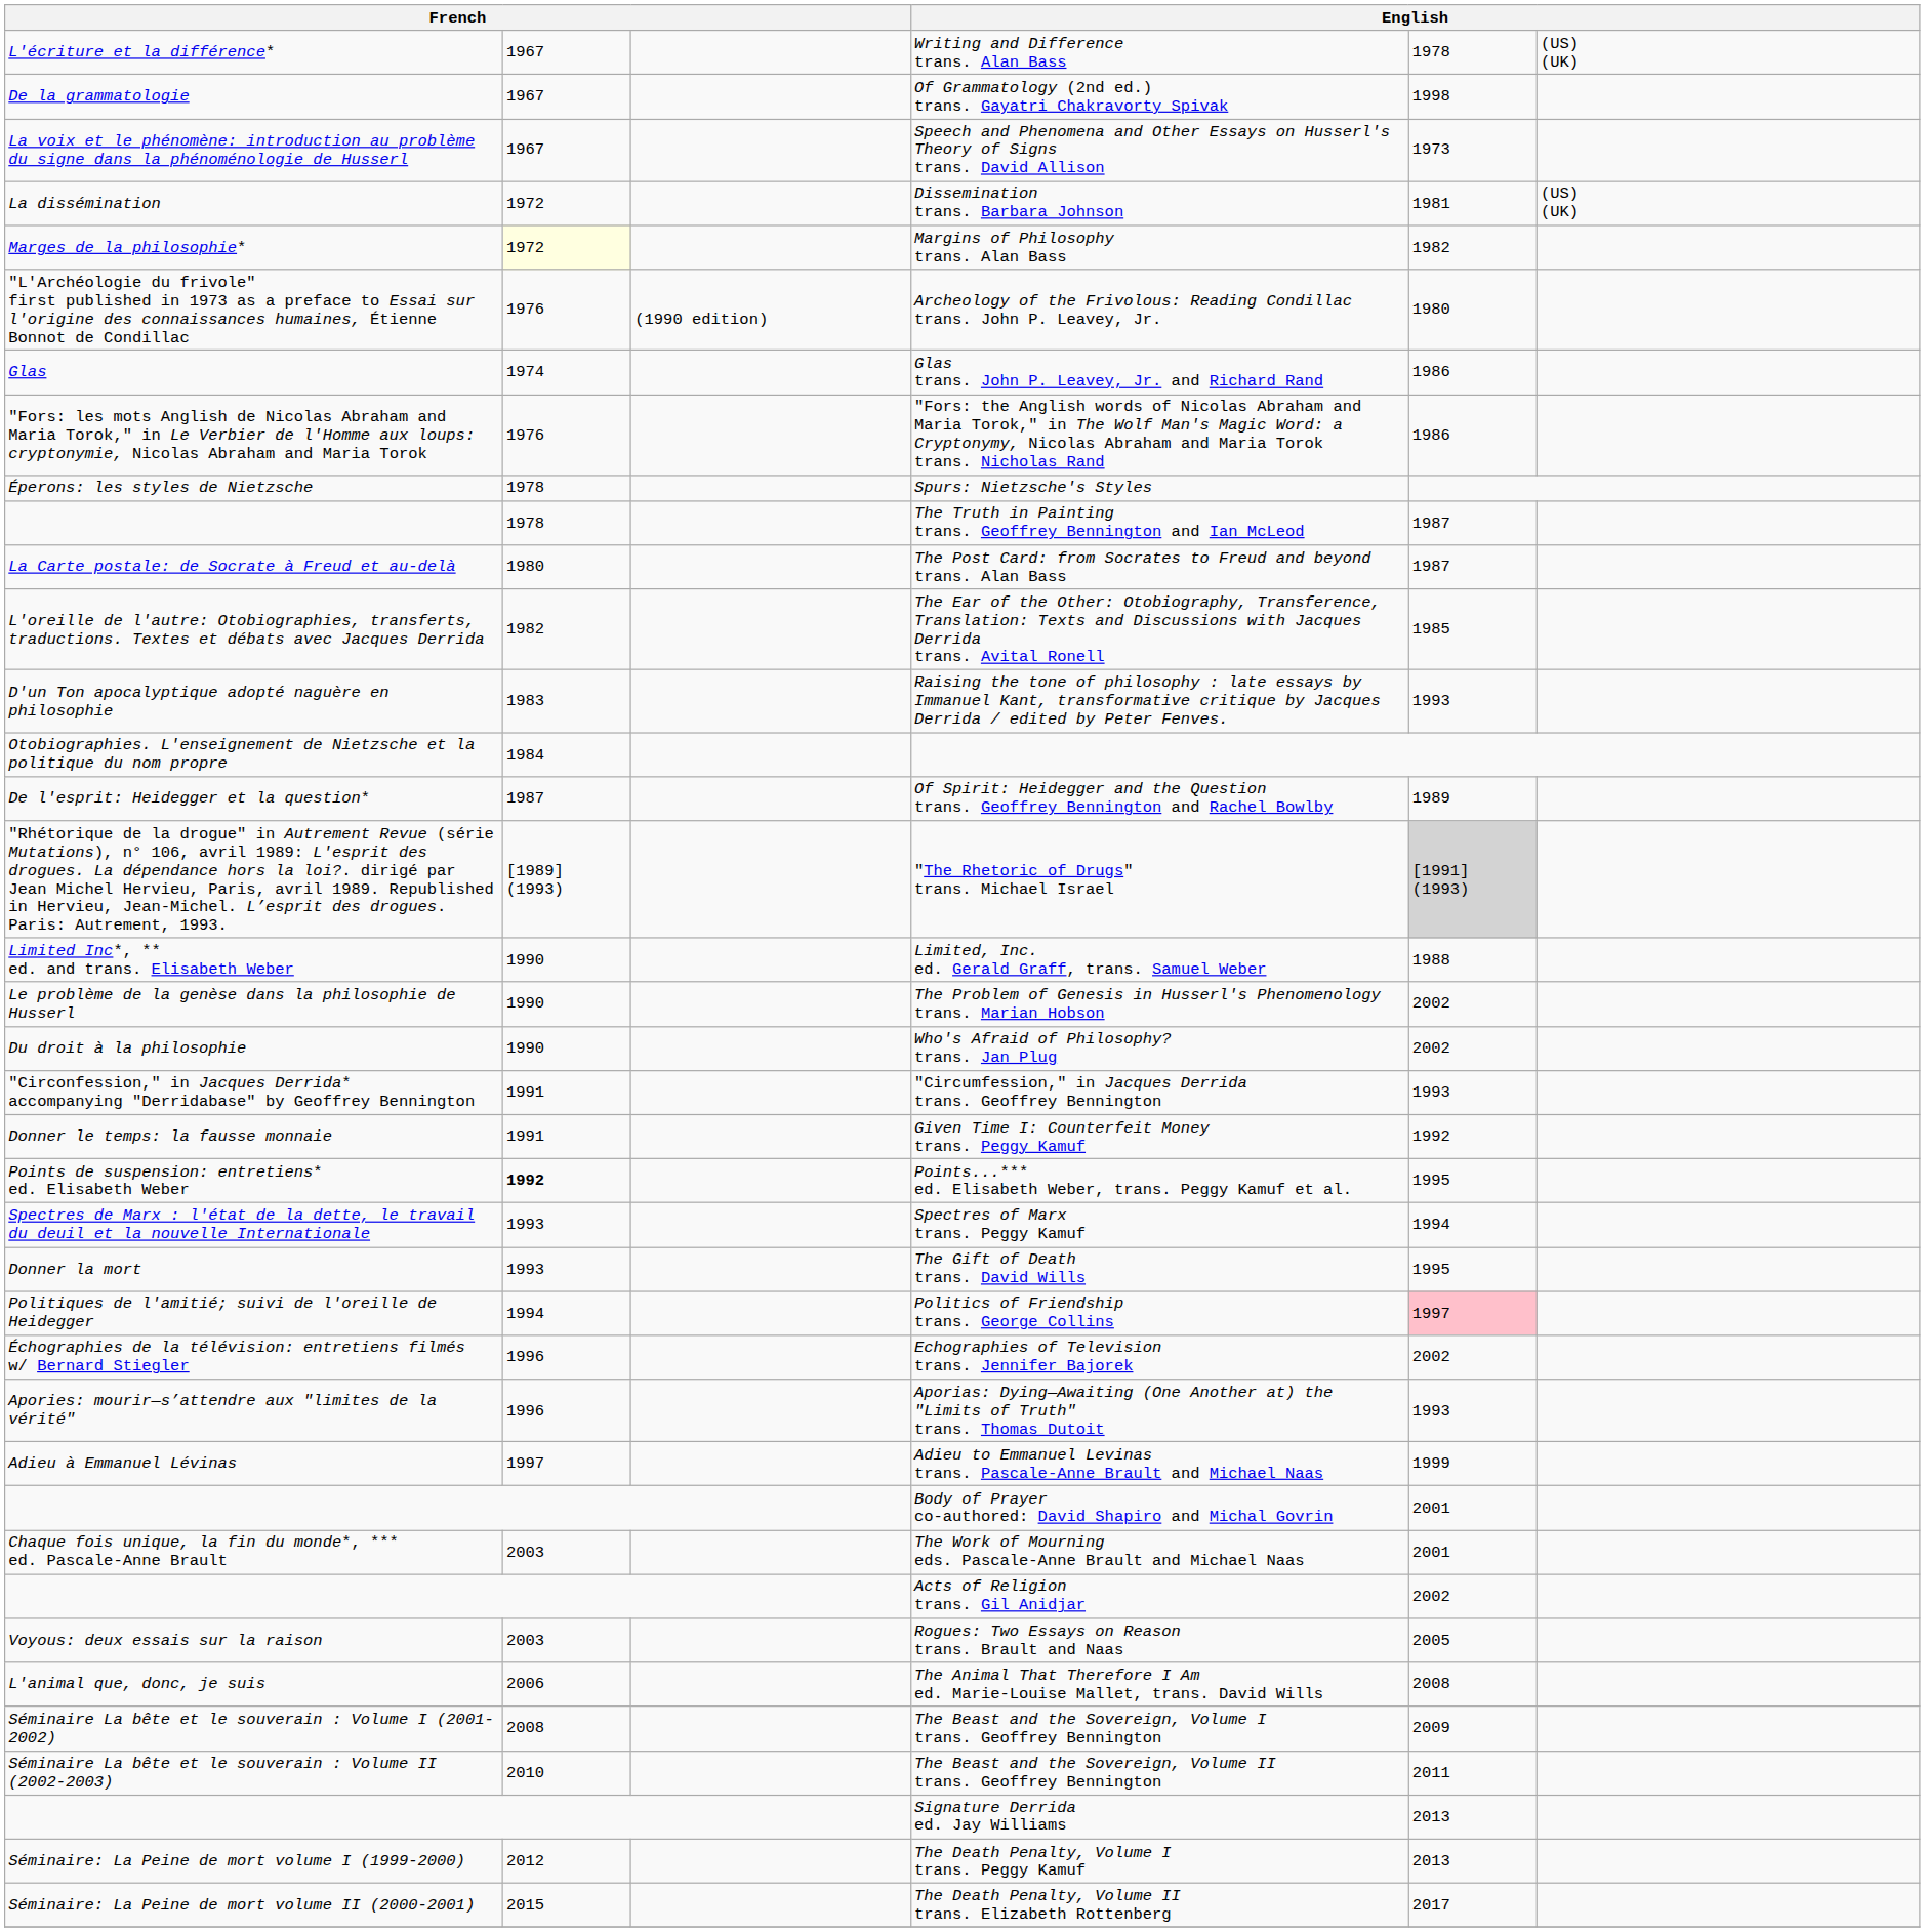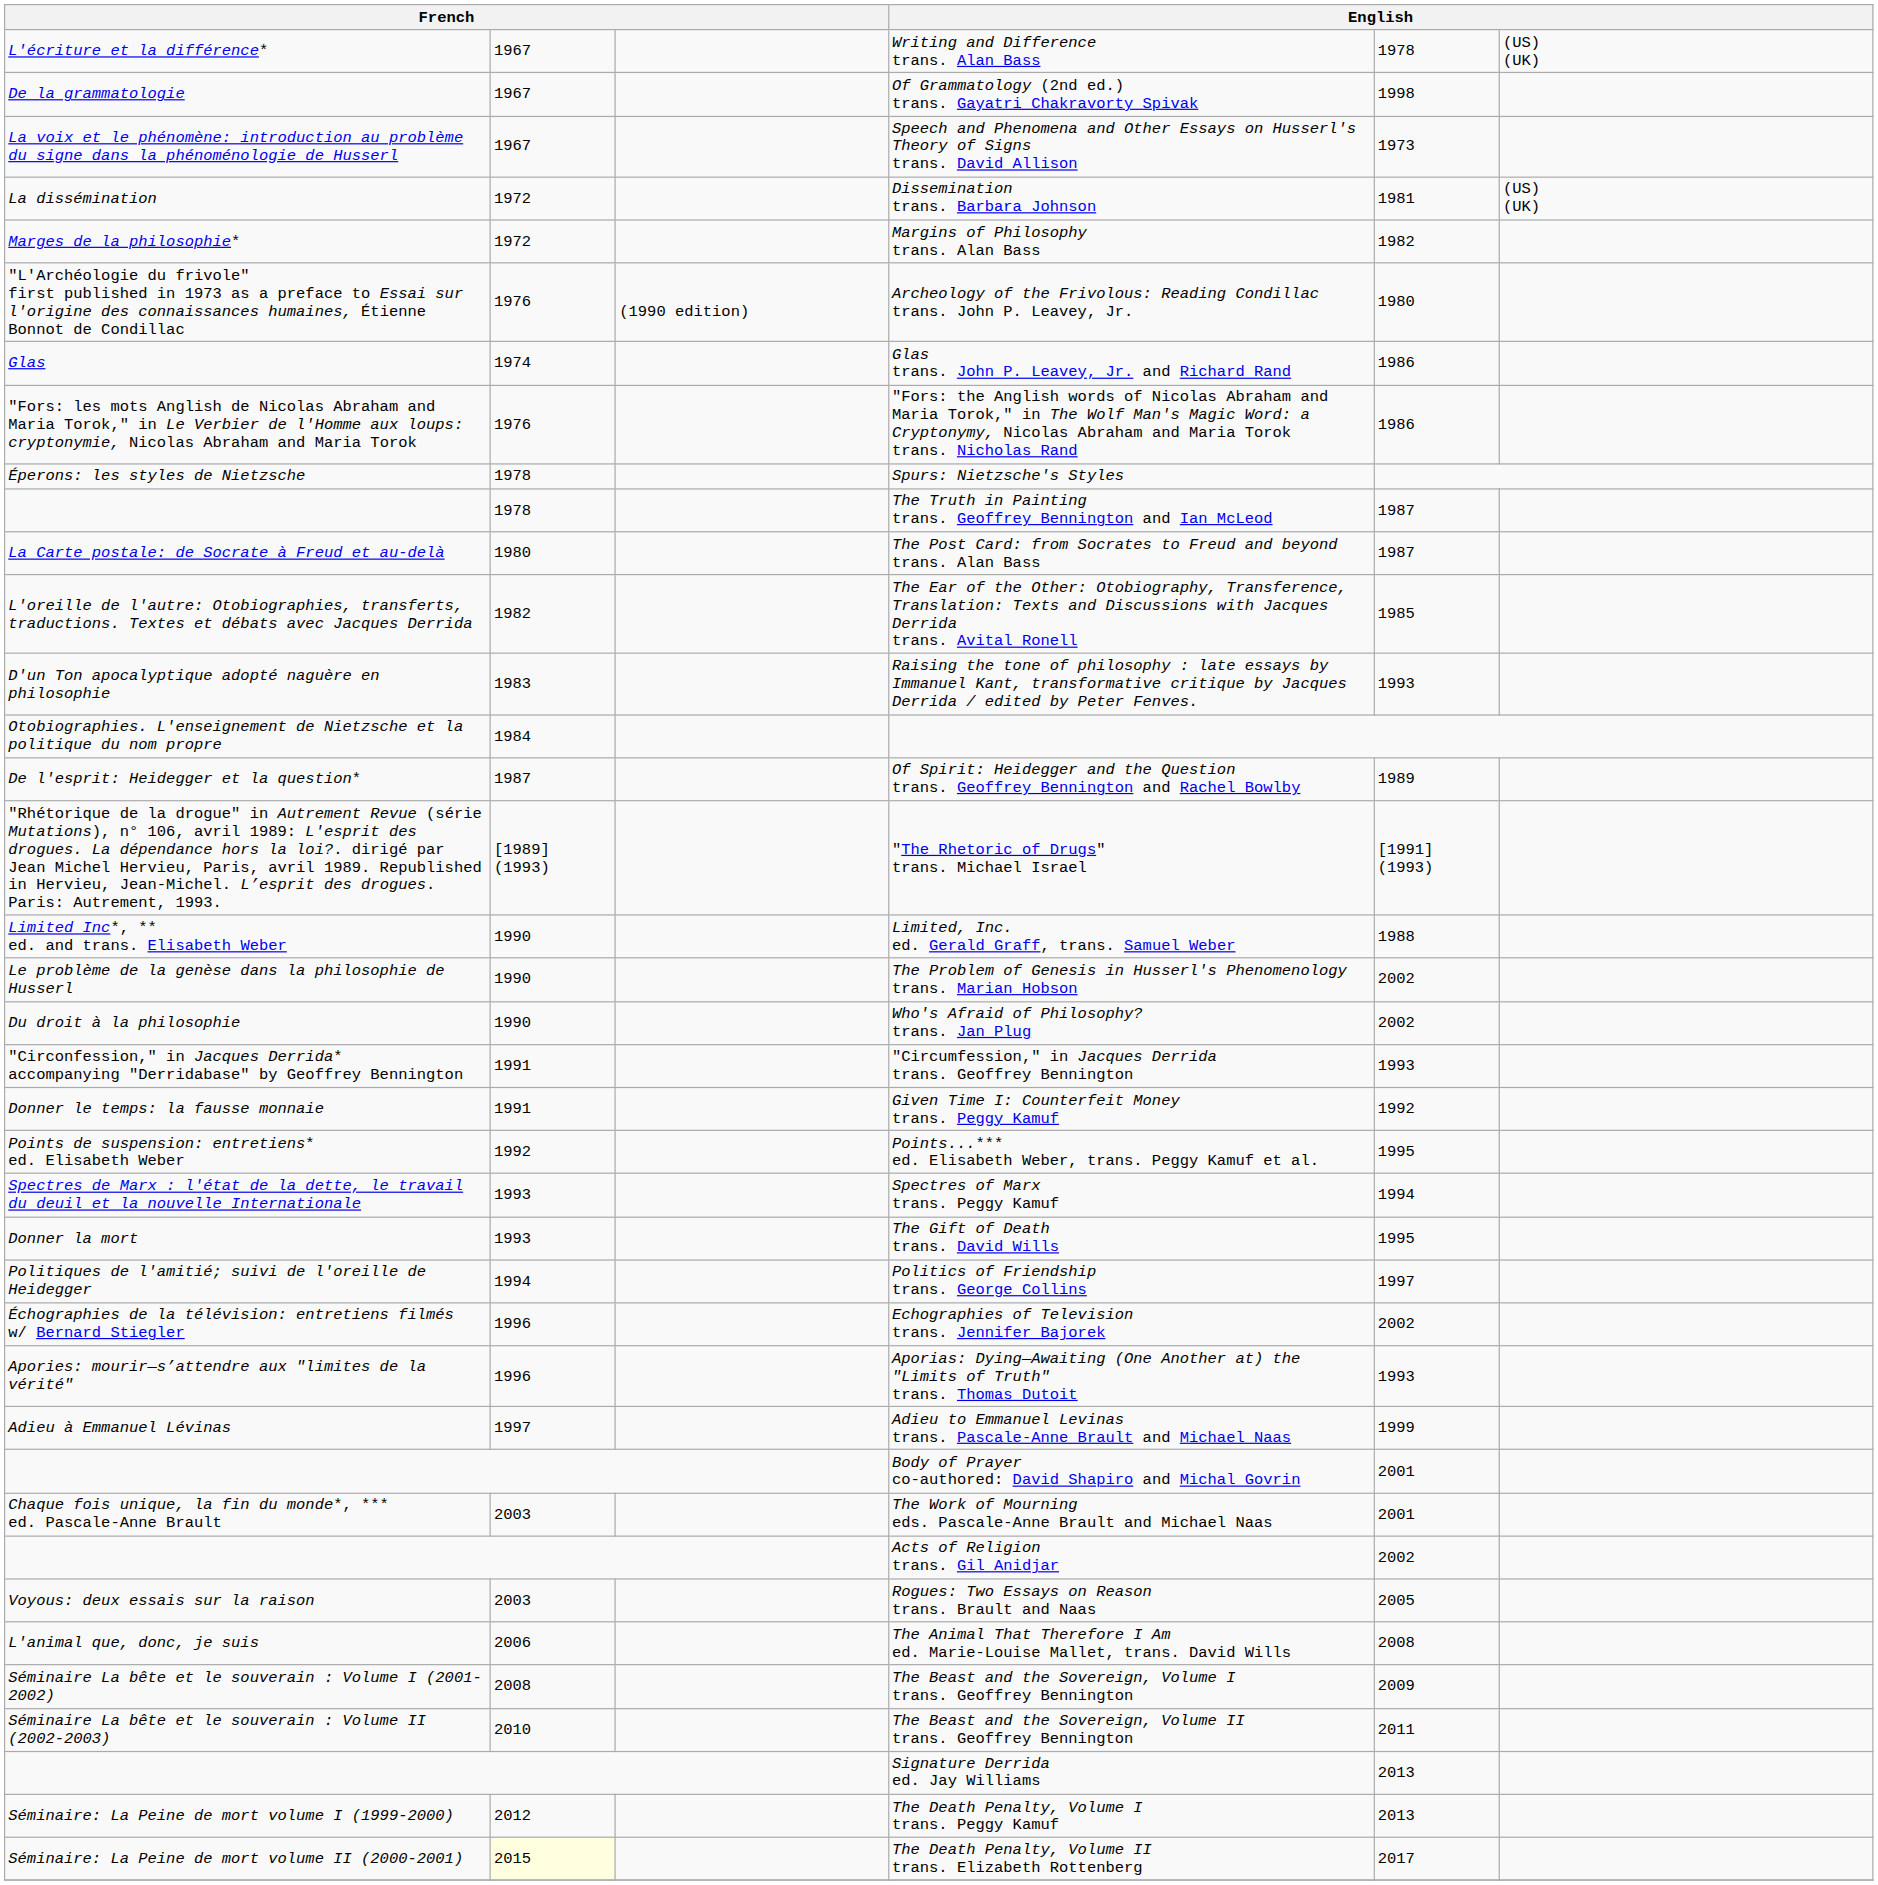 <table class="wikitable">
 <tr>
 <th colspan="3">French</th>
 <th colspan="3">English</th>
 </tr>
 <tr>
 <td width=26%><em><a href='#'>L'écriture et la différence</a></em>*</td>
 <td>1967</td>
 <td></td>
 <td width=26%><em>Writing and Difference</em><br>trans. <a href='#'>Alan Bass</a></td>
 <td>1978</td>
 <td width=20%> (US)<br> (UK)</td>
 </tr>
 <tr>
 <td><em><a href='#'>De la grammatologie</a></em></td>
 <td>1967</td>
 <td></td>
 <td><em>Of Grammatology</em> (2nd ed.)<br>trans. <a href='#'>Gayatri Chakravorty Spivak</a></td>
 <td>1998</td>
 <td></td>
 </tr>
 <tr>
 <td><em><a href='#'>La voix et le phénomène: introduction au problème du signe dans la phénoménologie de Husserl</a></em></td>
 <td>1967</td>
 <td></td>
 <td><em>Speech and Phenomena and Other Essays on Husserl's Theory of Signs</em><br>trans. <a href='#'>David Allison</a></td>
 <td>1973</td>
 <td></td>
 </tr>
 <tr>
 <td><em>La dissémination</em></td>
 <td>1972</td>
 <td></td>
 <td><em>Dissemination</em><br>trans. <a href='#'>Barbara Johnson</a></td>
 <td>1981</td>
 <td> (US)<br> (UK)</td>
 </tr>
 <tr>
 <td><em><a href='#'>Marges de la philosophie</a></em>*</td>
-<td style="background: lightyellow;">1972</td>
+<td>1972</td>
 <td></td>
 <td><em>Margins of Philosophy</em><br>trans. Alan Bass</td>
 <td>1982</td>
 <td></td>
 </tr>
 <tr>
 <td>"L'Archéologie du frivole"<br>first published in 1973 as a preface to <em>Essai sur l'origine des connaissances humaines,</em> Étienne Bonnot de Condillac</td>
 <td>1976</td>
 <td><br>(1990 edition)</td>
 <td><em>Archeology of the Frivolous: Reading Condillac</em><br>trans. John P. Leavey, Jr.</td>
 <td>1980</td>
 <td></td>
 </tr>
 <tr>
 <td><em><a href='#'>Glas</a></em></td>
 <td>1974</td>
 <td></td>
 <td><em>Glas</em><br>trans. <a href='#'>John P. Leavey, Jr.</a> and <a href='#'>Richard Rand</a></td>
 <td>1986</td>
 <td></td>
 </tr>
 <tr>
 <td>"Fors: les mots Anglish de Nicolas Abraham and Maria Torok," in <em>Le Verbier de l'Homme aux loups: cryptonymie,</em> Nicolas Abraham and Maria Torok</td>
 <td>1976</td>
 <td></td>
 <td>"Fors: the Anglish words of Nicolas Abraham and Maria Torok," in <em>The Wolf Man's Magic Word: a Cryptonymy,</em> Nicolas Abraham and Maria Torok<br>trans. <a href='#'>Nicholas Rand</a></td>
 <td>1986</td>
 <td></td>
 </tr>
 <tr>
 <td><em>Éperons: les styles de Nietzsche</em></td>
 <td>1978</td>
 <td></td>
 <td><em>Spurs: Nietzsche's Styles</em></td>
 <td colspan="3"></td>
 </tr>
 <tr>
 <td><em></em></td>
 <td>1978</td>
 <td></td>
 <td><em>The Truth in Painting</em><br>trans. <a href='#'>Geoffrey Bennington</a> and <a href='#'>Ian McLeod</a></td>
 <td>1987</td>
 <td></td>
 </tr>
 <tr>
 <td><em><a href='#'>La Carte postale: de Socrate à Freud et au-delà</a></em></td>
 <td>1980</td>
 <td></td>
 <td><em>The Post Card: from Socrates to Freud and beyond</em><br>trans. Alan Bass</td>
 <td>1987</td>
 <td></td>
 </tr>
 <tr>
 <td><em>L'oreille de l'autre: Otobiographies, transferts, traductions. Textes et débats avec Jacques Derrida</em></td>
 <td>1982</td>
 <td></td>
 <td><em>The Ear of the Other: Otobiography, Transference, Translation: Texts and Discussions with Jacques Derrida</em><br>trans. <a href='#'>Avital Ronell</a></td>
 <td>1985</td>
 <td></td>
 </tr>
 <tr>
 <td><em>D'un Ton apocalyptique adopté naguère en philosophie</em></td>
 <td>1983</td>
 <td></td>
 <td><em>Raising the tone of philosophy : late essays by Immanuel Kant, transformative critique by Jacques Derrida / edited by Peter Fenves.</em></td>
 <td>1993</td>
 <td></td>
 </tr>
 <tr>
 <td><em>Otobiographies. L'enseignement de Nietzsche et la politique du nom propre</em></td>
 <td>1984</td>
 <td></td>
 <td colspan="3"></td>
 </tr>
 <tr>
 <td><em>De l'esprit: Heidegger et la question</em>*</td>
 <td>1987</td>
 <td></td>
 <td><em>Of Spirit: Heidegger and the Question</em><br>trans. <a href='#'>Geoffrey Bennington</a> and <a href='#'>Rachel Bowlby</a></td>
 <td>1989</td>
 <td></td>
 </tr>
 <tr>
 <td>"Rhétorique de la drogue" in <em>Autrement Revue</em> (série <em>Mutations</em>), n° 106, avril 1989: <em>L'esprit des drogues. La dépendance hors la loi?</em>. dirigé par Jean Michel Hervieu, Paris, avril 1989. Republished in Hervieu, Jean-Michel. <em>L’esprit des drogues</em>. Paris: Autrement, 1993.</td>
 <td>[1989]<br>(1993)</td>
 <td></td>
 <td>"<a href='#'>The Rhetoric of Drugs</a>"<br>trans. Michael Israel</td>
-<td style="background: lightgrey;">[1991]<br>(1993)</td>
+<td>[1991]<br>(1993)</td>
 <td></td>
 </tr>
 <tr>
 <td><em><a href='#'>Limited Inc</a></em>*, **<br>ed. and trans. <a href='#'>Elisabeth Weber</a></td>
 <td>1990</td>
 <td></td>
 <td><em>Limited, Inc.</em><br>ed. <a href='#'>Gerald Graff</a>, trans. <a href='#'>Samuel Weber</a></td>
 <td>1988</td>
 <td></td>
 </tr>
 <tr>
 <td><em>Le problème de la genèse dans la philosophie de Husserl</em></td>
 <td>1990</td>
 <td></td>
 <td><em>The Problem of Genesis in Husserl's Phenomenology</em><br>trans. <a href='#'>Marian Hobson</a></td>
 <td>2002</td>
 <td></td>
 </tr>
 <tr>
 <td><em>Du droit à la philosophie</em></td>
 <td>1990</td>
 <td></td>
 <td><em>Who's Afraid of Philosophy?</em><br>trans. <a href='#'>Jan Plug</a></td>
 <td>2002</td>
 <td></td>
 </tr>
 <tr>
 <td>"Circonfession," in <em>Jacques Derrida</em>*<br>accompanying "Derridabase" by Geoffrey Bennington</td>
 <td>1991</td>
 <td></td>
 <td>"Circumfession," in <em>Jacques Derrida</em><br>trans. Geoffrey Bennington</td>
 <td>1993</td>
 <td></td>
 </tr>
 <tr>
 <td><em>Donner le temps: la fausse monnaie</em></td>
 <td>1991</td>
 <td></td>
 <td><em>Given Time I: Counterfeit Money</em><br>trans. <a href='#'>Peggy Kamuf</a></td>
 <td>1992</td>
 <td></td>
 </tr>
 <tr>
 <td><em>Points de suspension: entretiens</em>*<br>ed. Elisabeth Weber</td>
-<td><strong>1992</strong></td>
+<td>1992</td>
 <td></td>
 <td><em>Points...</em>***<br>ed. Elisabeth Weber, trans. Peggy Kamuf et al.</td>
 <td>1995</td>
 <td></td>
 </tr>
 <tr>
 <td><em><a href='#'>Spectres de Marx : l'état de la dette, le travail du deuil et la nouvelle Internationale</a></em></td>
 <td>1993</td>
 <td></td>
 <td><em>Spectres of Marx</em><br>trans. Peggy Kamuf</td>
 <td>1994</td>
 <td></td>
 </tr>
 <tr>
 <td><em>Donner la mort</em></td>
 <td>1993</td>
 <td></td>
 <td><em>The Gift of Death</em><br>trans. <a href='#'>David Wills</a></td>
 <td>1995</td>
 <td></td>
 </tr>
 <tr>
 <td><em>Politiques de l'amitié; suivi de l'oreille de Heidegger</em></td>
 <td>1994</td>
 <td></td>
 <td><em>Politics of Friendship</em><br>trans. <a href='#'>George Collins</a></td>
-<td style="background: pink;">1997</td>
+<td>1997</td>
 <td></td>
 </tr>
 <tr>
 <td><em>Échographies de la télévision: entretiens filmés</em><br>w/ <a href='#'>Bernard Stiegler</a></td>
 <td>1996</td>
 <td></td>
 <td><em>Echographies of Television</em><br>trans. <a href='#'>Jennifer Bajorek</a></td>
 <td>2002</td>
 <td></td>
 </tr>
 <tr>
 <td><em>Apories: mourir—s’attendre aux "limites de la vérité"</em></td>
 <td>1996</td>
 <td></td>
 <td><em>Aporias: Dying—Awaiting (One Another at) the "Limits of Truth"</em><br>trans. <a href='#'>Thomas Dutoit</a></td>
 <td>1993</td>
 <td></td>
 </tr>
 <tr>
 <td><em>Adieu à Emmanuel Lévinas</em></td>
 <td>1997</td>
 <td></td>
 <td><em>Adieu to Emmanuel Levinas</em><br>trans. <a href='#'>Pascale-Anne Brault</a> and <a href='#'>Michael Naas</a></td>
 <td>1999</td>
 <td></td>
 </tr>
 <tr>
 <td colspan="3"></td>
 <td><em>Body of Prayer</em><br>co-authored: <a href='#'>David Shapiro</a> and <a href='#'>Michal Govrin</a></td>
 <td>2001</td>
 <td></td>
 </tr>
 <tr>
 <td><em>Chaque fois unique, la fin du monde</em>*, ***<br>ed. Pascale-Anne Brault</td>
 <td>2003</td>
 <td></td>
 <td><em>The Work of Mourning</em><br>eds. Pascale-Anne Brault and Michael Naas</td>
 <td>2001</td>
 <td></td>
 </tr>
 <tr>
 <td colspan="3"></td>
 <td><em>Acts of Religion</em><br>trans. <a href='#'>Gil Anidjar</a></td>
 <td>2002</td>
 <td></td>
 </tr>
 <tr>
 <td><em>Voyous: deux essais sur la raison</em></td>
 <td>2003</td>
 <td></td>
 <td><em>Rogues: Two Essays on Reason</em><br>trans. Brault and Naas</td>
 <td>2005</td>
 <td></td>
 </tr>
 <tr>
 <td><em>L'animal que, donc, je suis</em></td>
 <td>2006</td>
 <td></td>
 <td><em>The Animal That Therefore I Am</em><br>ed. Marie-Louise Mallet, trans. David Wills</td>
 <td>2008</td>
 <td></td>
 </tr>
 <tr>
 <td><em>Séminaire La bête et le souverain : Volume I (2001-2002)</em></td>
 <td>2008</td>
 <td></td>
 <td><em>The Beast and the Sovereign, Volume I</em><br>trans. Geoffrey Bennington</td>
 <td>2009</td>
 <td></td>
 </tr>
 <tr>
 <td><em>Séminaire La bête et le souverain : Volume II (2002-2003)</em></td>
 <td>2010</td>
 <td></td>
 <td><em>The Beast and the Sovereign, Volume II</em><br>trans. Geoffrey Bennington</td>
 <td>2011</td>
 <td></td>
 </tr>
 <tr>
 <td colspan="3"></td>
 <td><em>Signature Derrida</em><br>ed. Jay Williams</td>
 <td>2013</td>
 <td></td>
 </tr>
 <tr>
 <td><em>Séminaire: La Peine de mort volume I (1999-2000)</em></td>
 <td>2012</td>
 <td></td>
 <td><em>The Death Penalty, Volume I</em><br>trans. Peggy Kamuf</td>
 <td>2013</td>
 <td></td>
 </tr>
 <tr>
 <td><em>Séminaire: La Peine de mort volume II (2000-2001)</em></td>
-<td>2015</td>
+<td style="background: lightyellow;">2015</td>
 <td></td>
 <td><em>The Death Penalty, Volume II</em><br>trans. Elizabeth Rottenberg</td>
 <td>2017</td>
 <td></td>
 </tr>
 <tr>
 </tr>
 </table>
